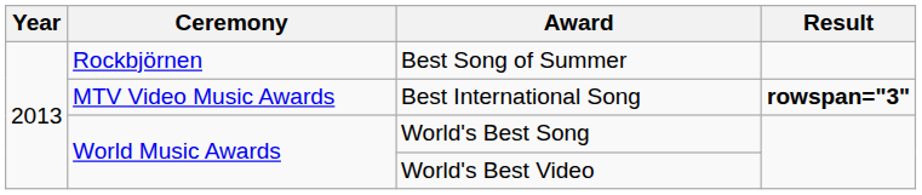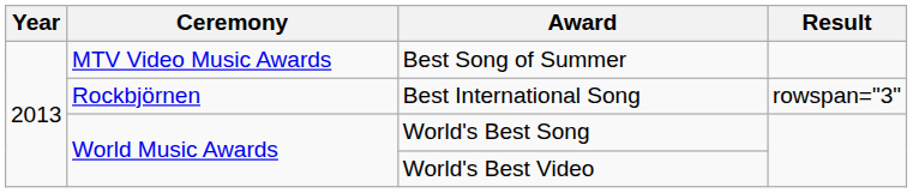 <table class="wikitable" style="width:50%;">
 <tr>
 <th width=5%>Year</th>
 <th style="width:40%;">Ceremony</th>
 <th style="width:45%;">Award</th>
 <th style="width:10%;">Result</th>
 </tr>
 <tr>
 <td rowspan="4">2013</td>
-<td><a href='#'>Rockbjörnen</a></td>
+<td><a href='#'>MTV Video Music Awards</a></td>
 <td>Best Song of Summer</td>
 <td></td>
 </tr>
 <tr>
-<td><a href='#'>MTV Video Music Awards</a></td>
+<td><a href='#'>Rockbjörnen</a></td>
 <td>Best International Song</td>
-<td><strong>rowspan="3" </strong></td>
+<td>rowspan="3" </td>
 </tr>
 <tr>
 <td rowspan="2"><a href='#'>World Music Awards</a></td>
 <td>World's Best Song</td>
 </tr>
 <tr>
 <td>World's Best Video</td>
 </tr>
 </table>
